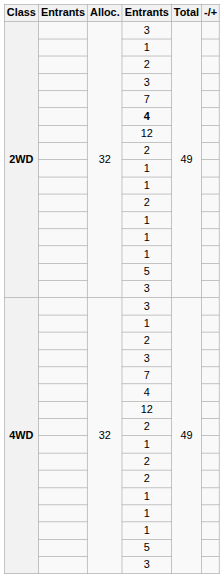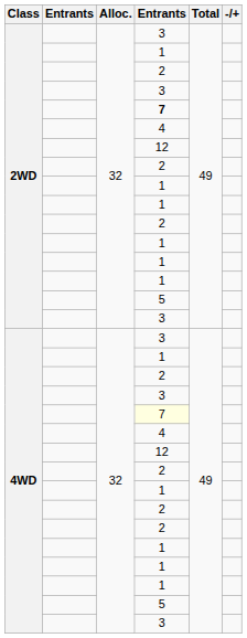 <table class="wikitable">
 <tr>
 <th>Class</th>
 <th>Entrants</th>
 <th align="center">Alloc.</th>
 <th align="center">Entrants</th>
 <th align="center">Total</th>
 <th align="center">-/+</th>
 </tr>
 <tr>
 <th align="center" rowspan=16>2WD</th>
 <td></td>
 <td align="center" rowspan=16>32</td>
 <td align="center">3</td>
 <td align="center" rowspan=16>49</td>
 <td align="center"></td>
 </tr>
 <tr>
 <td></td>
 <td align="center">1</td>
 <td align="center"></td>
 </tr>
 <tr>
 <td></td>
 <td align="center">2</td>
 <td align="center"></td>
 </tr>
 <tr>
 <td></td>
 <td align="center">3</td>
 <td align="center"></td>
 </tr>
 <tr>
 <td></td>
-<td align="center">7</td>
+<td align="center"><strong>7</strong></td>
 <td align="center"></td>
 </tr>
 <tr>
 <td></td>
-<td align="center"><strong>4</strong></td>
+<td align="center">4</td>
 <td align="center"></td>
 </tr>
 <tr>
 <td></td>
 <td align="center">12</td>
 <td align="center"></td>
 </tr>
 <tr>
 <td></td>
 <td align="center">2</td>
 <td align="center"></td>
 </tr>
 <tr>
 <td></td>
 <td align="center">1</td>
 <td align="center"></td>
 </tr>
 <tr>
 <td></td>
 <td align="center">1</td>
 <td align="center"></td>
 </tr>
 <tr>
 <td></td>
 <td align="center">2</td>
 <td align="center"></td>
 </tr>
 <tr>
 <td></td>
 <td align="center">1</td>
 <td align="center"></td>
 </tr>
 <tr>
 <td></td>
 <td align="center">1</td>
 <td align="center"></td>
 </tr>
 <tr>
 <td></td>
 <td align="center">1</td>
 <td align="center"></td>
 </tr>
 <tr>
 <td></td>
 <td align="center">5</td>
 <td align="center"></td>
 </tr>
 <tr>
 <td></td>
 <td align="center">3</td>
 <td align="center"></td>
 </tr>
 <tr>
 <th align="center" rowspan=16>4WD</th>
 <td></td>
 <td align="center" rowspan=16>32</td>
 <td align="center">3</td>
 <td align="center" rowspan=16>49</td>
 <td align="center"></td>
 </tr>
 <tr>
 <td></td>
 <td align="center">1</td>
 <td align="center"></td>
 </tr>
 <tr>
 <td></td>
 <td align="center">2</td>
 <td align="center"></td>
 </tr>
 <tr>
 <td></td>
 <td align="center">3</td>
 <td align="center"></td>
 </tr>
 <tr>
 <td></td>
-<td align="center">7</td>
+<td align="center" style="background: lightyellow;">7</td>
 <td align="center"></td>
 </tr>
 <tr>
 <td></td>
 <td align="center">4</td>
 <td align="center"></td>
 </tr>
 <tr>
 <td></td>
 <td align="center">12</td>
 <td align="center"></td>
 </tr>
 <tr>
 <td></td>
 <td align="center">2</td>
 <td align="center"></td>
 </tr>
 <tr>
 <td></td>
 <td align="center">1</td>
 <td align="center"></td>
 </tr>
 <tr>
 <td></td>
 <td align="center">2</td>
 <td align="center"></td>
 </tr>
 <tr>
 <td></td>
 <td align="center">2</td>
 <td align="center"></td>
 </tr>
 <tr>
 <td></td>
 <td align="center">1</td>
 <td align="center"></td>
 </tr>
 <tr>
 <td></td>
 <td align="center">1</td>
 <td align="center"></td>
 </tr>
 <tr>
 <td></td>
 <td align="center">1</td>
 <td align="center"></td>
 </tr>
 <tr>
 <td></td>
 <td align="center">5</td>
 <td align="center"></td>
 </tr>
 <tr>
 <td></td>
 <td align="center">3</td>
 <td align="center"></td>
 </tr>
 </table>
